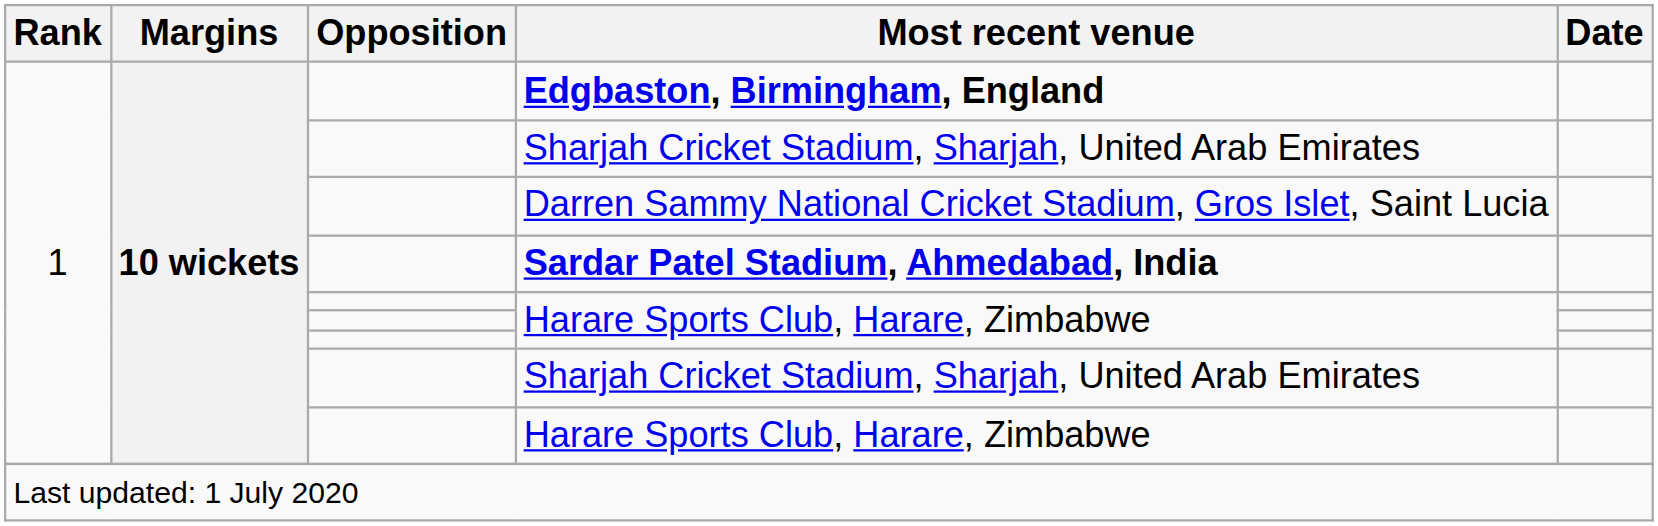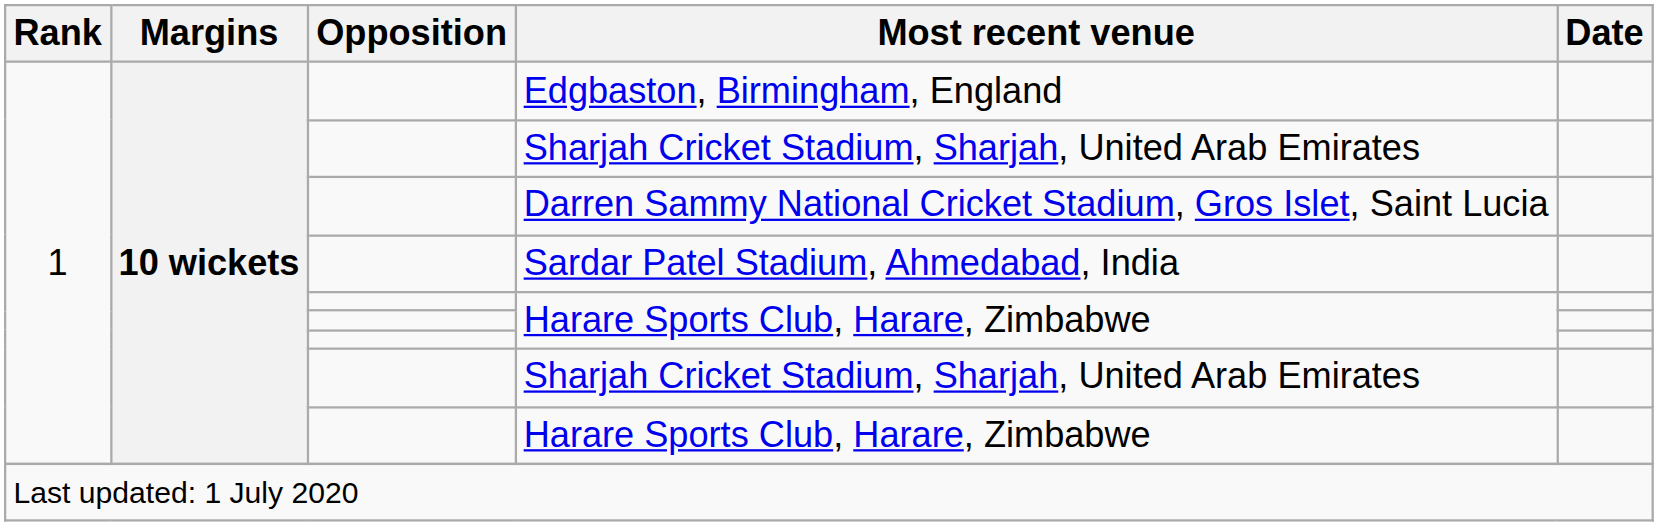 <table class="wikitable plainrowheaders sortable">
 <tr>
 <th scope=col>Rank</th>
 <th scope=col>Margins</th>
 <th scope=col>Opposition</th>
 <th scope=col>Most recent venue</th>
 <th scope=col>Date</th>
 </tr>
 <tr>
 <td style="text-align:center" rowspan=9>1</td>
 <th scope=row style=text-align:center rowspan=9>10 wickets</th>
 <td></td>
-<td><strong><a href='#'>Edgbaston</a>, <a href='#'>Birmingham</a>, England</strong></td>
+<td><a href='#'>Edgbaston</a>, <a href='#'>Birmingham</a>, England</td>
 <td> </td>
 </tr>
 <tr>
 <td></td>
 <td><a href='#'>Sharjah Cricket Stadium</a>, <a href='#'>Sharjah</a>, United Arab Emirates</td>
 <td></td>
 </tr>
 <tr>
 <td></td>
 <td><a href='#'>Darren Sammy National Cricket Stadium</a>, <a href='#'>Gros Islet</a>, Saint Lucia</td>
 <td></td>
 </tr>
 <tr>
 <td></td>
-<td><strong><a href='#'>Sardar Patel Stadium</a>, <a href='#'>Ahmedabad</a>, India</strong></td>
+<td><a href='#'>Sardar Patel Stadium</a>, <a href='#'>Ahmedabad</a>, India</td>
 <td> </td>
 </tr>
 <tr>
 <td></td>
 <td rowspan=3><a href='#'>Harare Sports Club</a>, <a href='#'>Harare</a>, Zimbabwe</td>
 <td></td>
 </tr>
 <tr>
 <td></td>
 <td></td>
 </tr>
 <tr>
 <td></td>
 <td></td>
 </tr>
 <tr>
 <td></td>
 <td><a href='#'>Sharjah Cricket Stadium</a>, <a href='#'>Sharjah</a>, United Arab Emirates</td>
 <td></td>
 </tr>
 <tr>
 <td></td>
 <td><a href='#'>Harare Sports Club</a>, <a href='#'>Harare</a>, Zimbabwe</td>
 <td></td>
 </tr>
 <tr>
 </tr>
 <tr class=sortbottom>
 <td colspan=5><small>Last updated: 1 July 2020</small></td>
 </tr>
 </table>
